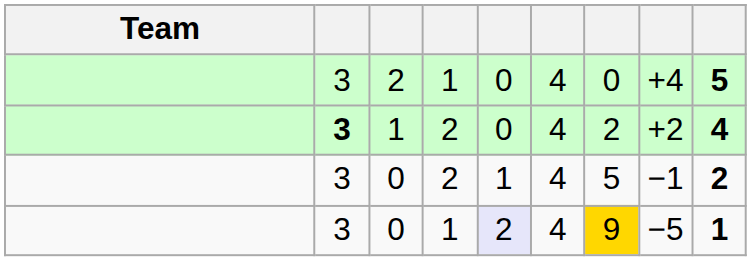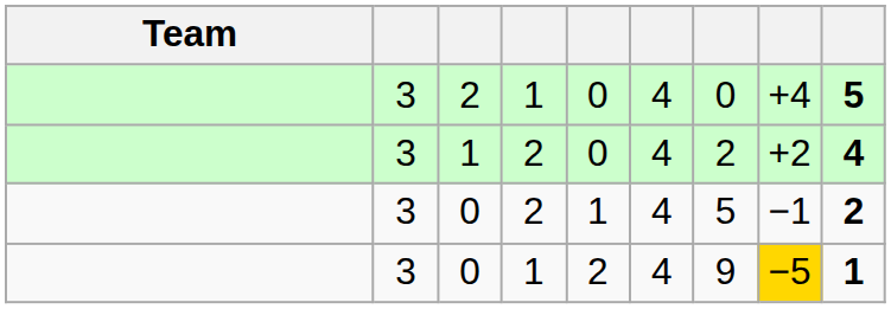 <table class="wikitable" style="text-align:center;">
 <tr>
 <th width=150>Team</th>
 <th width=20></th>
 <th width=20></th>
 <th width=20></th>
 <th width=20></th>
 <th width=20></th>
 <th width=20></th>
 <th width=20></th>
 <th width=20></th>
 </tr>
 <tr style="background:#cfc;">
 <td align=left></td>
 <td>3</td>
 <td>2</td>
 <td>1</td>
 <td>0</td>
 <td>4</td>
 <td>0</td>
 <td>+4</td>
 <td><strong>5</strong></td>
 </tr>
 <tr style="background:#cfc;">
 <td align=left></td>
-<td><strong>3</strong></td>
+<td>3</td>
 <td>1</td>
 <td>2</td>
 <td>0</td>
 <td>4</td>
 <td>2</td>
 <td>+2</td>
 <td><strong>4</strong></td>
 </tr>
 <tr>
 <td align=left></td>
 <td>3</td>
 <td>0</td>
 <td>2</td>
 <td>1</td>
 <td>4</td>
 <td>5</td>
 <td>−1</td>
 <td><strong>2</strong></td>
 </tr>
 <tr>
 <td align=left></td>
 <td>3</td>
 <td>0</td>
 <td>1</td>
-<td style="background: lavender;">2</td>
+<td>2</td>
 <td>4</td>
-<td style="background: gold;">9</td>
-<td>−5</td>
+<td>9</td>
+<td style="background: gold;">−5</td>
 <td><strong>1</strong></td>
 </tr>
 </table>
